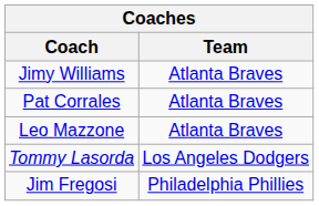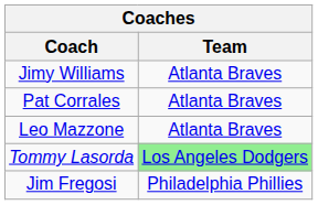 <table class="wikitable" style="font-size: 100%; text-align:center;">
 <tr>
 <th colspan="3">Coaches</th>
 </tr>
 <tr>
 <th>Coach</th>
 <th>Team</th>
 </tr>
 <tr>
 <td><a href='#'>Jimy Williams</a></td>
 <td><a href='#'>Atlanta Braves</a></td>
 </tr>
 <tr>
 <td><a href='#'>Pat Corrales</a></td>
 <td><a href='#'>Atlanta Braves</a></td>
 </tr>
 <tr>
 <td><a href='#'>Leo Mazzone</a></td>
 <td><a href='#'>Atlanta Braves</a></td>
 </tr>
 <tr>
 <td><em><a href='#'>Tommy Lasorda</a></em></td>
-<td><a href='#'>Los Angeles Dodgers</a></td>
+<td style="background: lightgreen;"><a href='#'>Los Angeles Dodgers</a></td>
 </tr>
 <tr>
 <td><a href='#'>Jim Fregosi</a></td>
 <td><a href='#'>Philadelphia Phillies</a></td>
 </tr>
 </table>
